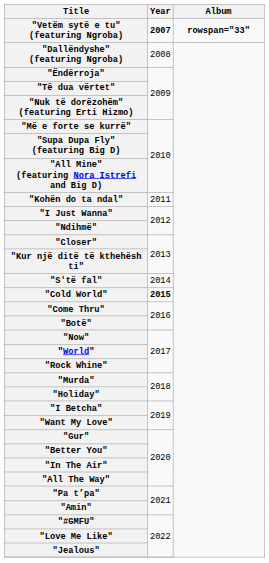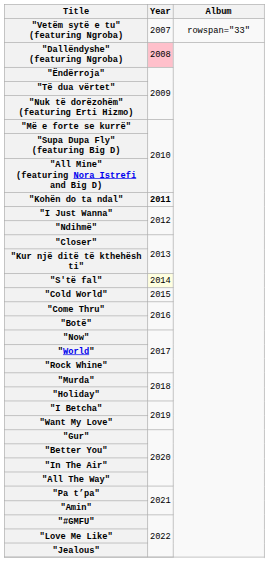 <table class="wikitable plainrowheaders" style="text-align:center;">
 <tr>
 <th scope="col" style="width:16em;">Title</th>
 <th scope="col" style="width:1em;">Year</th>
 <th scope="col" style="width:10em;">Album</th>
 </tr>
 <tr>
 <th scope="row">"Vetëm sytë e tu"<br><span>(featuring Ngroba)</span></th>
-<td><strong>2007</strong></td>
-<td><strong>rowspan="33" </strong></td>
+<td>2007</td>
+<td>rowspan="33" </td>
 </tr>
 <tr>
 <th scope="row">"Dallëndyshe"<br><span>(featuring Ngroba)</span></th>
-<td>2008</td>
+<td style="background: pink;">2008</td>
 </tr>
 <tr>
 <th scope="row">"Ëndërroja"</th>
 <td rowspan="3">2009</td>
 </tr>
 <tr>
 <th scope="row">"Të dua vërtet"</th>
 </tr>
 <tr>
 <th scope="row">"Nuk të dorëzohëm"<br><span>(featuring Erti Hizmo)</span></th>
 </tr>
 <tr>
 <th scope="row">"Më e forte se kurrë"</th>
 <td rowspan="3">2010</td>
 </tr>
 <tr>
 <th scope="row">"Supa Dupa Fly"<br><span>(featuring Big D)</span></th>
 </tr>
 <tr>
 <th scope="row">"All Mine"<br><span>(featuring <a href='#'>Nora Istrefi</a> and Big D)</span></th>
 </tr>
 <tr>
 <th scope="row">"Kohën do ta ndal"</th>
-<td>2011</td>
+<td><strong>2011</strong></td>
 </tr>
 <tr>
 <th scope="row">"I Just Wanna"</th>
 <td rowspan="2">2012</td>
 </tr>
 <tr>
 <th scope="row">"Ndihmë"</th>
 </tr>
 <tr>
 <th scope="row">"Closer"</th>
 <td rowspan="2">2013</td>
 </tr>
 <tr>
 <th scope="row">"Kur një ditë të kthehësh ti"</th>
 </tr>
 <tr>
 <th scope="row">"S'të fal"</th>
-<td>2014</td>
+<td style="background: lightyellow;">2014</td>
 </tr>
 <tr>
 <th scope="row">"Cold World"</th>
-<td><strong>2015</strong></td>
+<td>2015</td>
 </tr>
 <tr>
 <th scope="row">"Come Thru"</th>
 <td rowspan="2">2016</td>
 </tr>
 <tr>
 <th scope="row">"Botë"</th>
 </tr>
 <tr>
 <th scope="row">"Now"</th>
 <td rowspan="3">2017</td>
 </tr>
 <tr>
 <th scope="row">"<a href='#'>World</a>"</th>
 </tr>
 <tr>
 <th scope="row">"Rock Whine"</th>
 </tr>
 <tr>
 <th scope="row">"Murda"</th>
 <td rowspan="2">2018</td>
 </tr>
 <tr>
 <th scope="row">"Holiday"</th>
 </tr>
 <tr>
 <th scope="row">"I Betcha"</th>
 <td rowspan="2">2019</td>
 </tr>
 <tr>
 <th scope="row">"Want My Love"</th>
 </tr>
 <tr>
 <th scope="row">"Gur"</th>
 <td rowspan="4">2020</td>
 </tr>
 <tr>
 <th scope="row">"Better You"</th>
 </tr>
 <tr>
 <th scope="row">"In The Air"</th>
 </tr>
 <tr>
 <th scope="row">"All The Way"</th>
 </tr>
 <tr>
 <th scope="row">"Pa t’pa"</th>
 <td rowspan="2">2021</td>
 </tr>
 <tr>
 <th scope="row">"Amin"</th>
 </tr>
 <tr>
 <th scope="row">"#GMFU"</th>
 <td rowspan="3">2022</td>
 </tr>
 <tr>
 <th scope="row">"Love Me Like"</th>
 </tr>
 <tr>
 <th scope="row">"Jealous"</th>
 </tr>
 <tr>
 </tr>
 </table>
